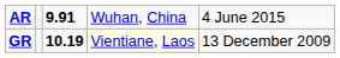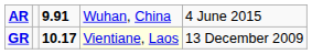 <table class="wikitable" style="font-size:95%; position:relative;">
 <tr>
 <td align=center><strong><a href='#'>AR</a></strong></td>
 <td></td>
 <td><strong>9.91</strong></td>
 <td><a href='#'>Wuhan</a>, <a href='#'>China</a></td>
 <td>4 June 2015</td>
 </tr>
 <tr>
 <td align=center><strong><a href='#'>GR</a></strong></td>
 <td></td>
-<td><strong>10.19</strong></td>
+<td><strong>10.17</strong></td>
 <td style="background: lightyellow;"><a href='#'>Vientiane</a>, <a href='#'>Laos</a></td>
 <td>13 December 2009</td>
 </tr>
 </table>
